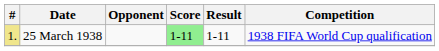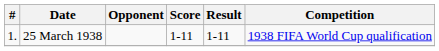 <table class="wikitable">
 <tr>
 <th>#</th>
 <th>Date</th>
 <th>Opponent</th>
 <th>Score</th>
 <th>Result</th>
 <th>Competition</th>
 </tr>
 <tr>
-<td style="background: khaki;">1.</td>
+<td>1.</td>
 <td>25 March 1938</td>
 <td></td>
-<td style="background: lightgreen;">1-11</td>
+<td>1-11</td>
 <td>1-11</td>
 <td><a href='#'>1938 FIFA World Cup qualification</a></td>
 </tr>
 <tr>
 </tr>
 </table>
